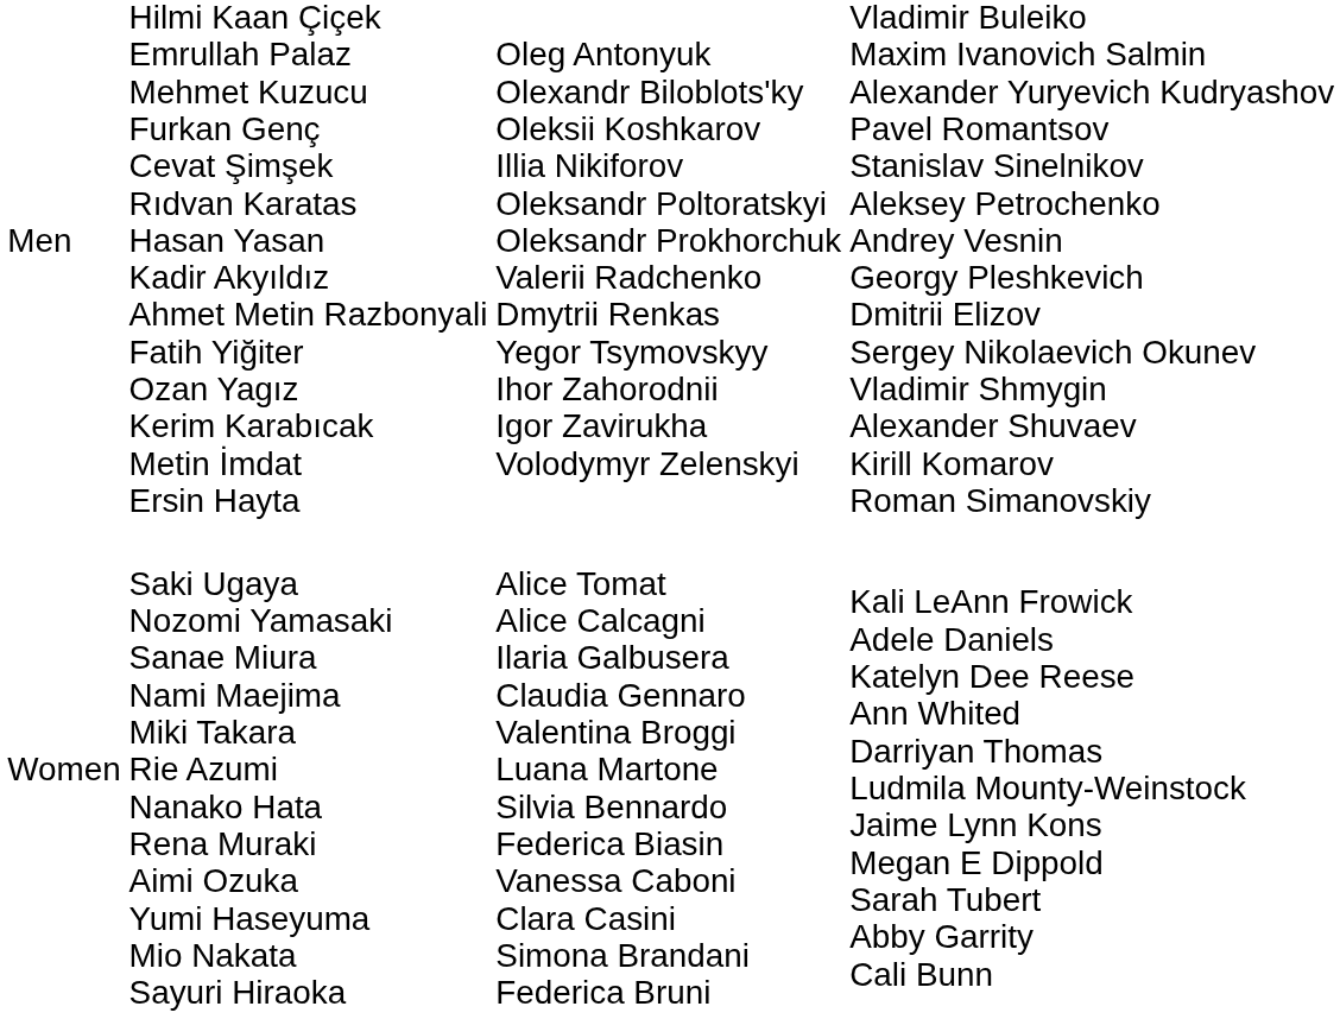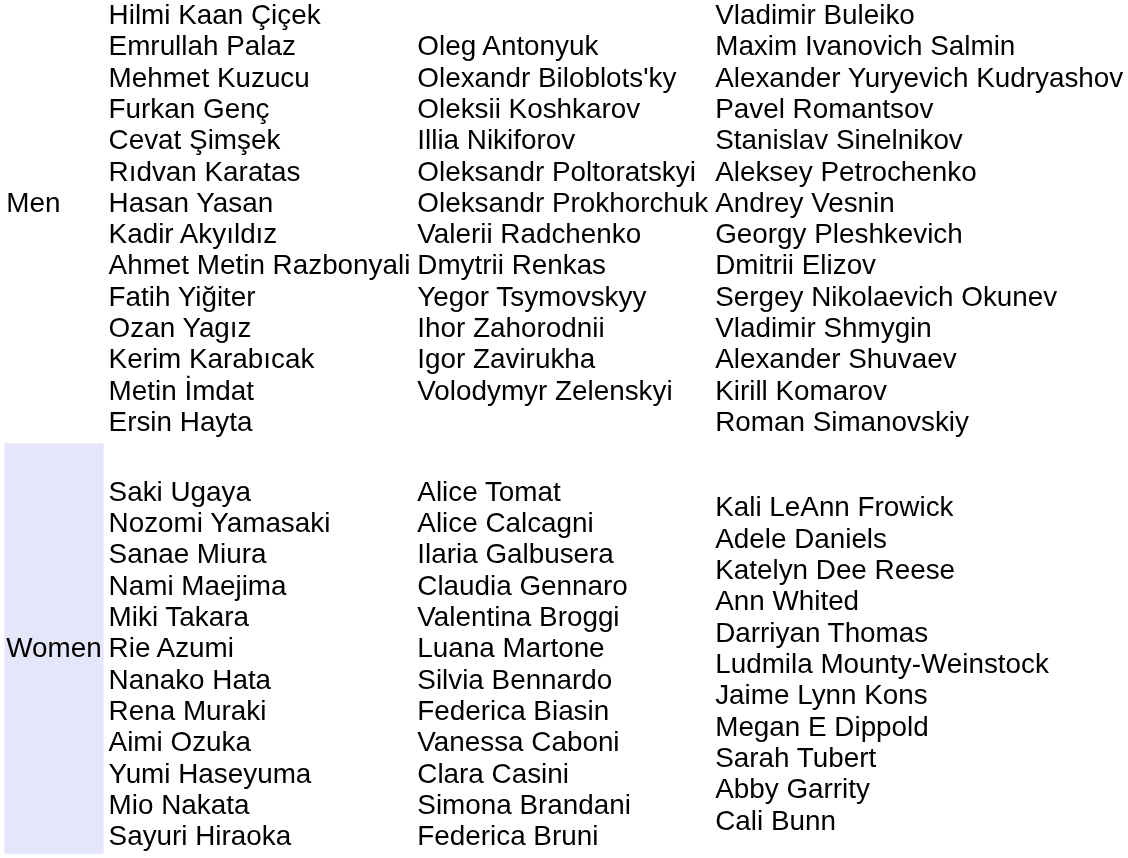 <table>
 <tr>
 <td>Men</td>
 <td><br>Hilmi Kaan Çiçek<br>Emrullah Palaz<br>Mehmet Kuzucu<br>Furkan Genç<br>Cevat Şimşek<br>Rıdvan Karatas<br>Hasan Yasan<br>Kadir Akyıldız<br>Ahmet Metin Razbonyali<br>Fatih Yiğiter<br>Ozan Yagız<br>Kerim Karabıcak<br>Metin İmdat<br>Ersin Hayta</td>
 <td><br>Oleg Antonyuk<br>Olexandr Biloblots'ky<br>Oleksii Koshkarov<br>Illia Nikiforov<br>Oleksandr Poltoratskyi<br>Oleksandr Prokhorchuk<br>Valerii Radchenko<br>Dmytrii Renkas<br>Yegor Tsymovskyy<br>Ihor Zahorodnii<br>Igor Zavirukha<br>Volodymyr Zelenskyi</td>
 <td><br>Vladimir Buleiko<br>Maxim Ivanovich Salmin<br>Alexander Yuryevich Kudryashov<br>Pavel Romantsov<br>Stanislav Sinelnikov<br>Aleksey Petrochenko<br>Andrey Vesnin<br>Georgy Pleshkevich<br>Dmitrii Elizov<br>Sergey Nikolaevich Okunev<br>Vladimir Shmygin<br>Alexander Shuvaev<br>Kirill Komarov<br>Roman Simanovskiy</td>
 </tr>
 <tr>
-<td>Women</td>
+<td style="background: lavender;">Women</td>
 <td><br>Saki Ugaya<br>Nozomi Yamasaki<br>Sanae Miura<br>Nami Maejima<br>Miki Takara<br>Rie Azumi<br>Nanako Hata<br>Rena Muraki<br>Aimi Ozuka<br>Yumi Haseyuma<br>Mio Nakata<br>Sayuri Hiraoka</td>
 <td><br>Alice Tomat<br>Alice Calcagni<br>Ilaria Galbusera<br>Claudia Gennaro<br>Valentina Broggi<br>Luana Martone<br>Silvia Bennardo<br>Federica Biasin<br>Vanessa Caboni<br>Clara Casini<br>Simona Brandani<br>Federica Bruni</td>
 <td><br>Kali LeAnn Frowick<br>Adele Daniels<br>Katelyn Dee Reese<br>Ann Whited<br>Darriyan Thomas<br>Ludmila Mounty-Weinstock<br>Jaime Lynn Kons<br>Megan E Dippold<br>Sarah Tubert<br>Abby Garrity<br>Cali Bunn</td>
 </tr>
 </table>
